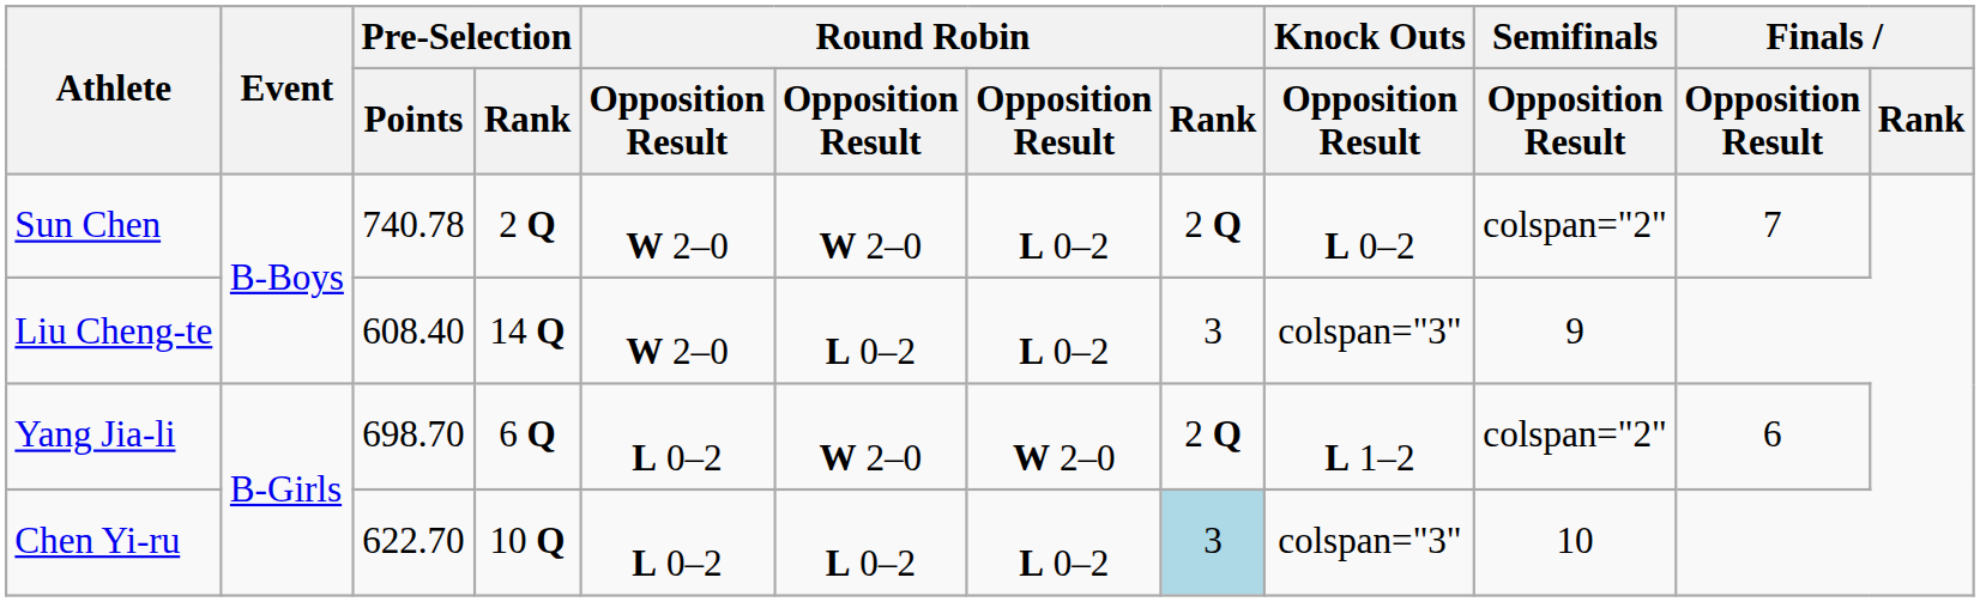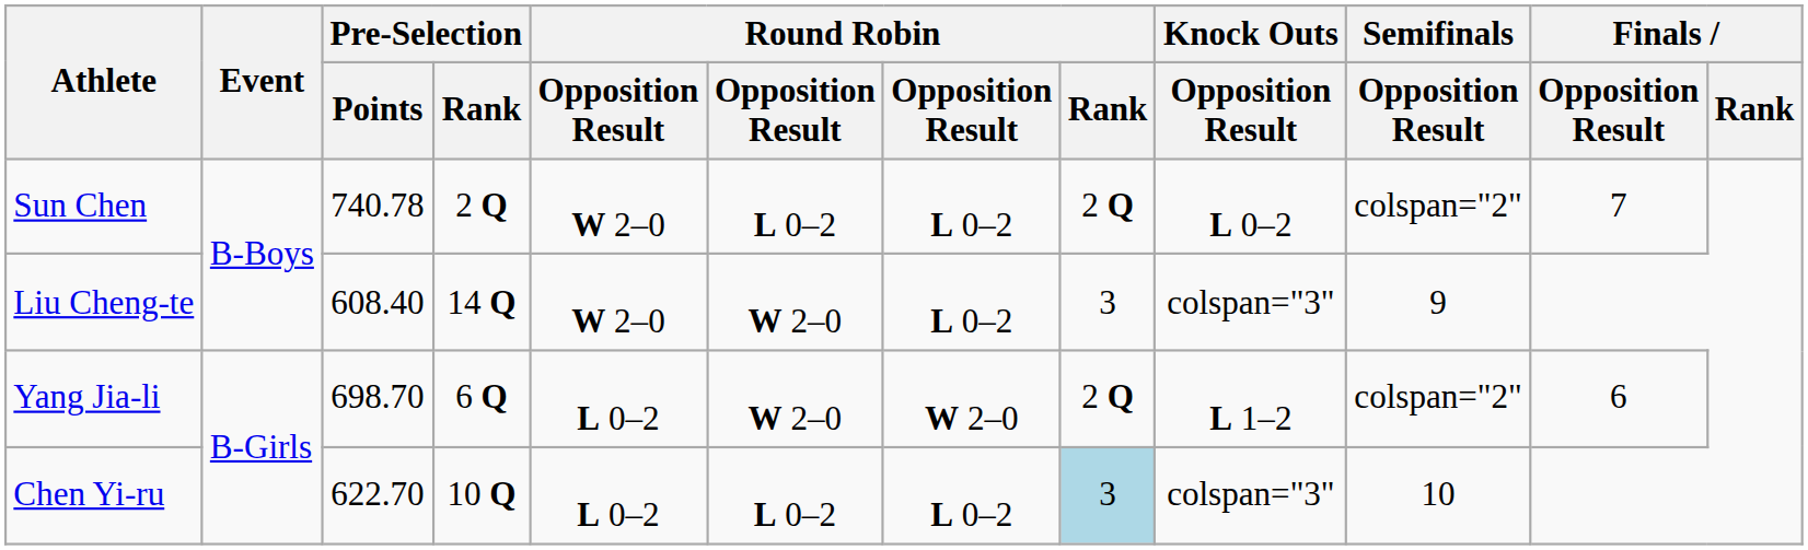 <table class="wikitable" style="font-size:90%; text-align:center">
 <tr>
 <th rowspan="2">Athlete</th>
 <th rowspan="2">Event</th>
 <th colspan="2">Pre-Selection</th>
 <th colspan="4">Round Robin</th>
 <th>Knock Outs</th>
 <th>Semifinals</th>
 <th colspan="2">Finals / </th>
 </tr>
 <tr>
 <th>Points</th>
 <th>Rank</th>
 <th>Opposition<br>Result</th>
 <th>Opposition<br>Result</th>
 <th>Opposition<br>Result</th>
 <th>Rank</th>
 <th>Opposition<br>Result</th>
 <th>Opposition<br>Result</th>
 <th>Opposition<br>Result</th>
 <th>Rank</th>
 </tr>
 <tr>
 <td align="left"><a href='#'>Sun Chen</a></td>
 <td align="left" rowspan="2"><a href='#'>B-Boys</a></td>
 <td>740.78</td>
 <td>2 <strong>Q</strong></td>
 <td><br><strong>W</strong> 2–0</td>
-<td><br><strong>W</strong> 2–0</td>
+<td><br><strong>L</strong> 0–2</td>
 <td><br><strong>L</strong> 0–2</td>
 <td>2 <strong>Q</strong></td>
 <td><br><strong>L</strong> 0–2</td>
 <td>colspan="2" </td>
 <td>7</td>
 </tr>
 <tr>
 <td align="left"><a href='#'>Liu Cheng-te</a></td>
 <td>608.40</td>
 <td>14 <strong>Q</strong></td>
 <td><br><strong>W</strong> 2–0</td>
-<td><br><strong>L</strong> 0–2</td>
+<td><br><strong>W</strong> 2–0</td>
 <td><br><strong>L</strong> 0–2</td>
 <td>3</td>
 <td>colspan="3" </td>
 <td>9</td>
 </tr>
 <tr>
 <td align="left"><a href='#'>Yang Jia-li</a></td>
 <td align="left" rowspan="2"><a href='#'>B-Girls</a></td>
 <td>698.70</td>
 <td>6  <strong>Q</strong></td>
 <td><br><strong>L</strong> 0–2</td>
 <td><br><strong>W</strong> 2–0</td>
 <td><br><strong>W</strong> 2–0</td>
 <td>2 <strong>Q</strong></td>
 <td><br><strong>L</strong> 1–2</td>
 <td>colspan="2" </td>
 <td>6</td>
 </tr>
 <tr>
 <td align="left"><a href='#'>Chen Yi-ru</a></td>
 <td>622.70</td>
 <td>10 <strong>Q</strong></td>
 <td><br><strong>L</strong> 0–2</td>
 <td><br><strong>L</strong> 0–2</td>
 <td><br><strong>L</strong> 0–2</td>
 <td style="background: lightblue;">3</td>
 <td>colspan="3" </td>
 <td>10</td>
 </tr>
 </table>
